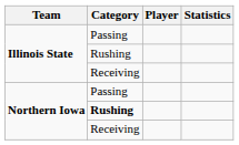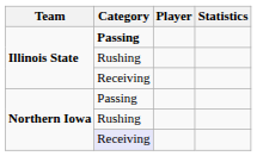 <table class="wikitable" style="float: right;">
 <tr>
 <th>Team</th>
 <th>Category</th>
 <th>Player</th>
 <th>Statistics</th>
 </tr>
 <tr>
 <td rowspan=3><strong>Illinois State</strong></td>
-<td>Passing</td>
+<td><strong>Passing</strong></td>
 <td></td>
 <td></td>
 </tr>
 <tr>
 <td>Rushing</td>
 <td></td>
 <td></td>
 </tr>
 <tr>
 <td>Receiving</td>
 <td></td>
 <td></td>
 </tr>
 <tr>
 <td rowspan=3><strong>Northern Iowa</strong></td>
 <td>Passing</td>
 <td></td>
 <td></td>
 </tr>
 <tr>
-<td><strong>Rushing</strong></td>
+<td>Rushing</td>
 <td></td>
 <td></td>
 </tr>
 <tr>
-<td>Receiving</td>
+<td style="background: lavender;">Receiving</td>
 <td></td>
 <td></td>
 </tr>
 </table>
